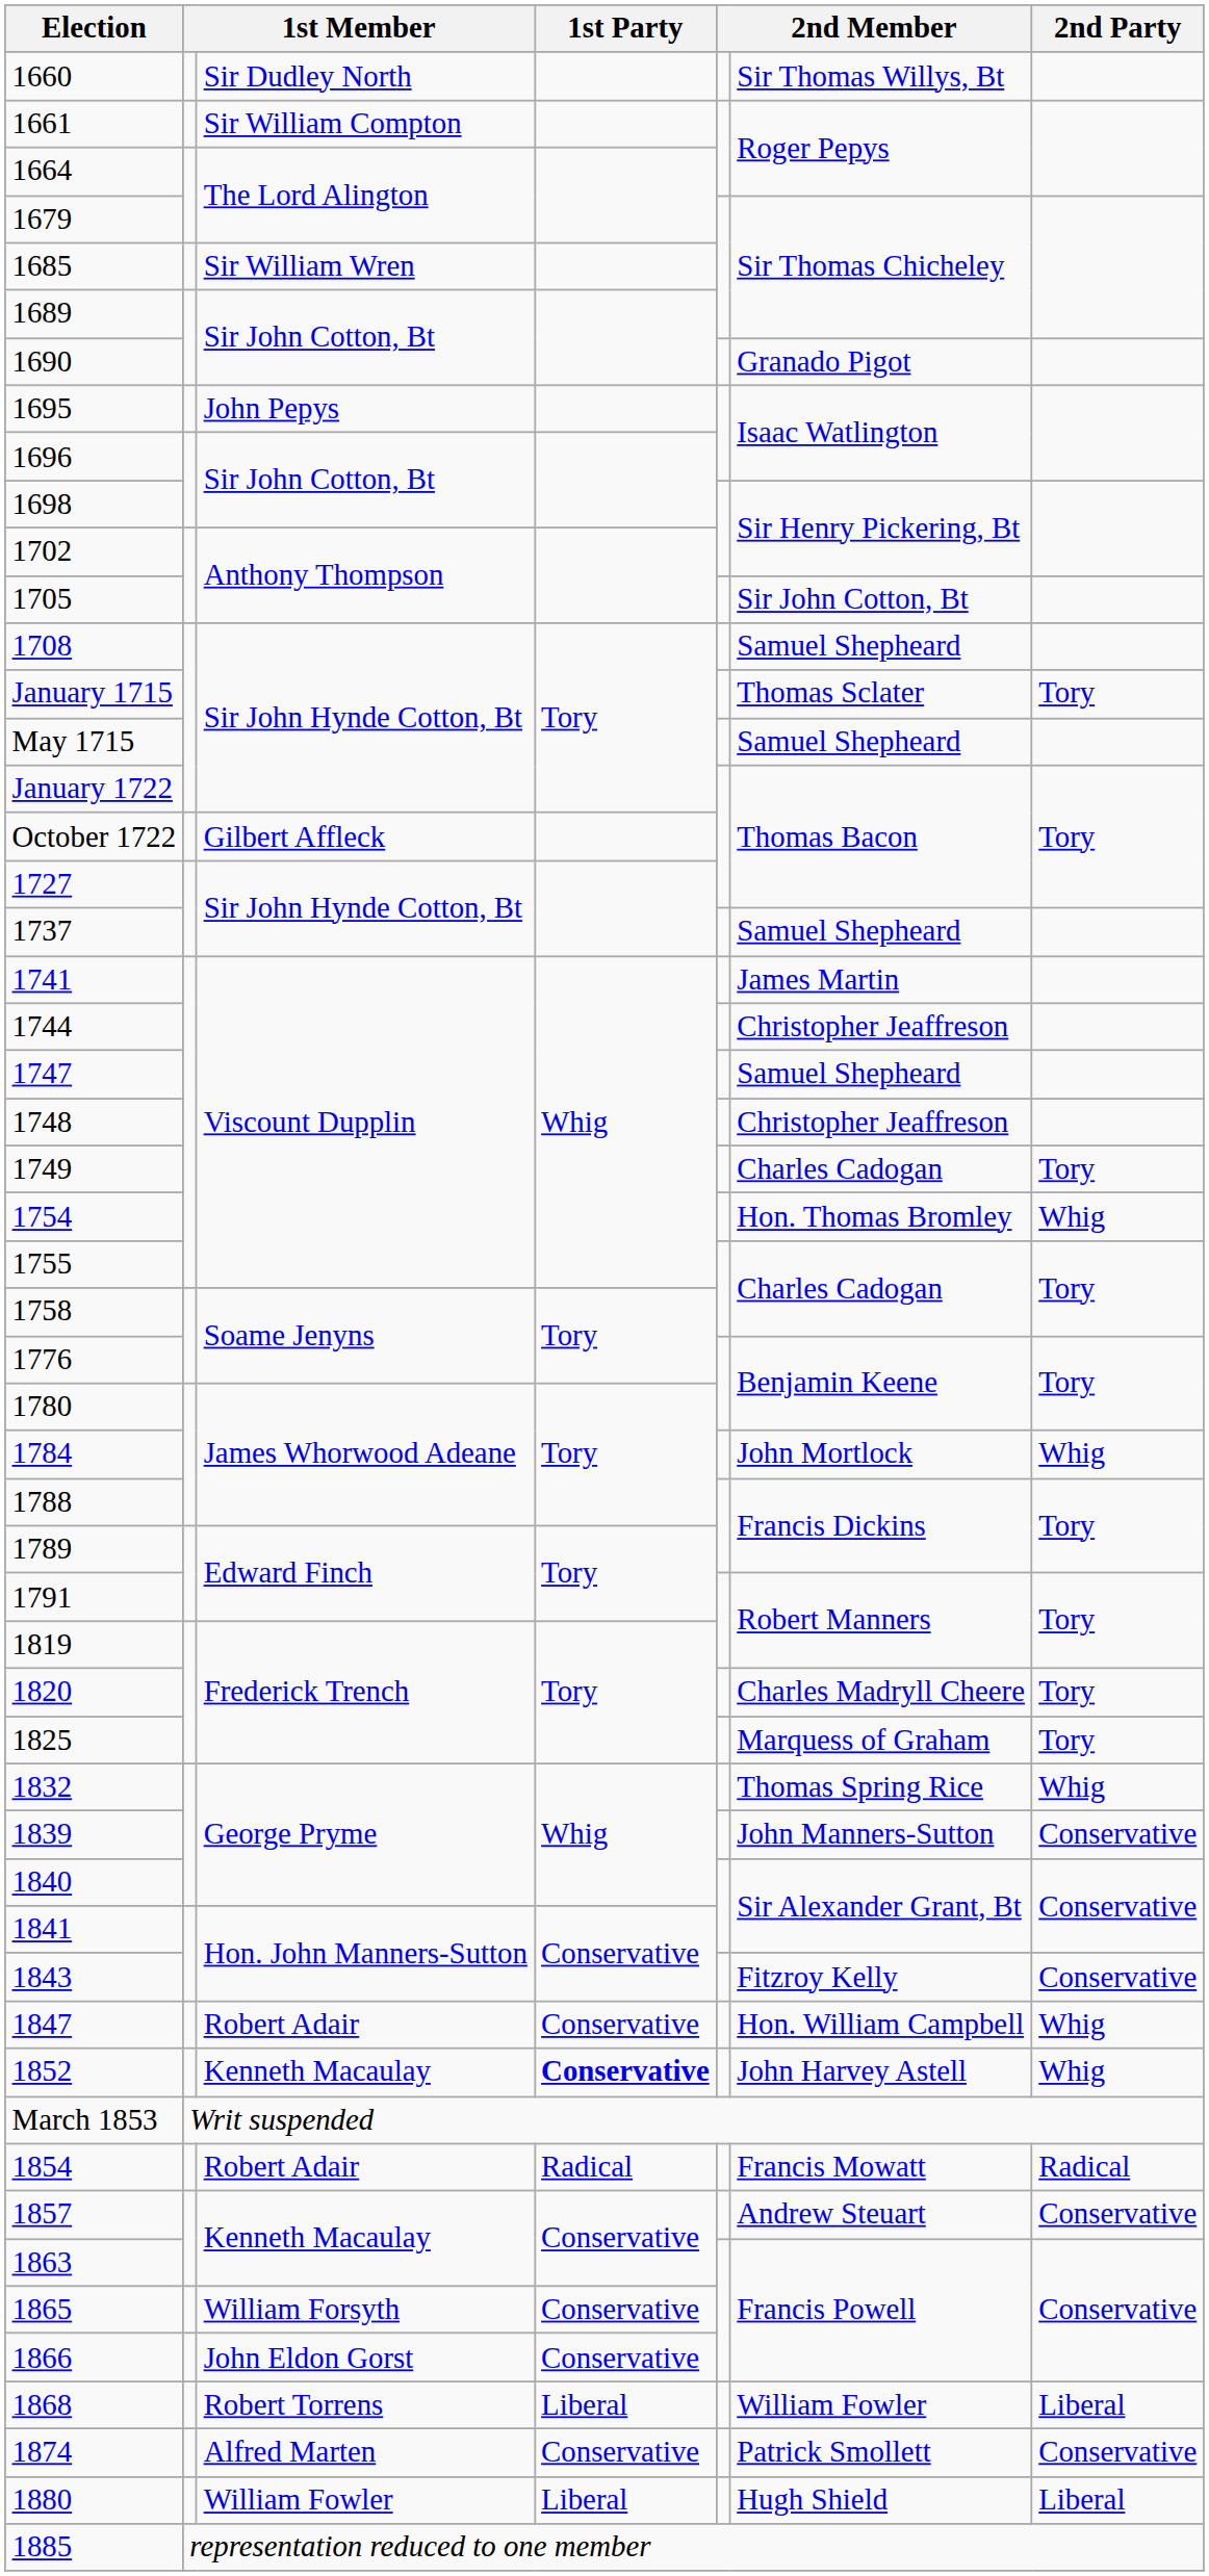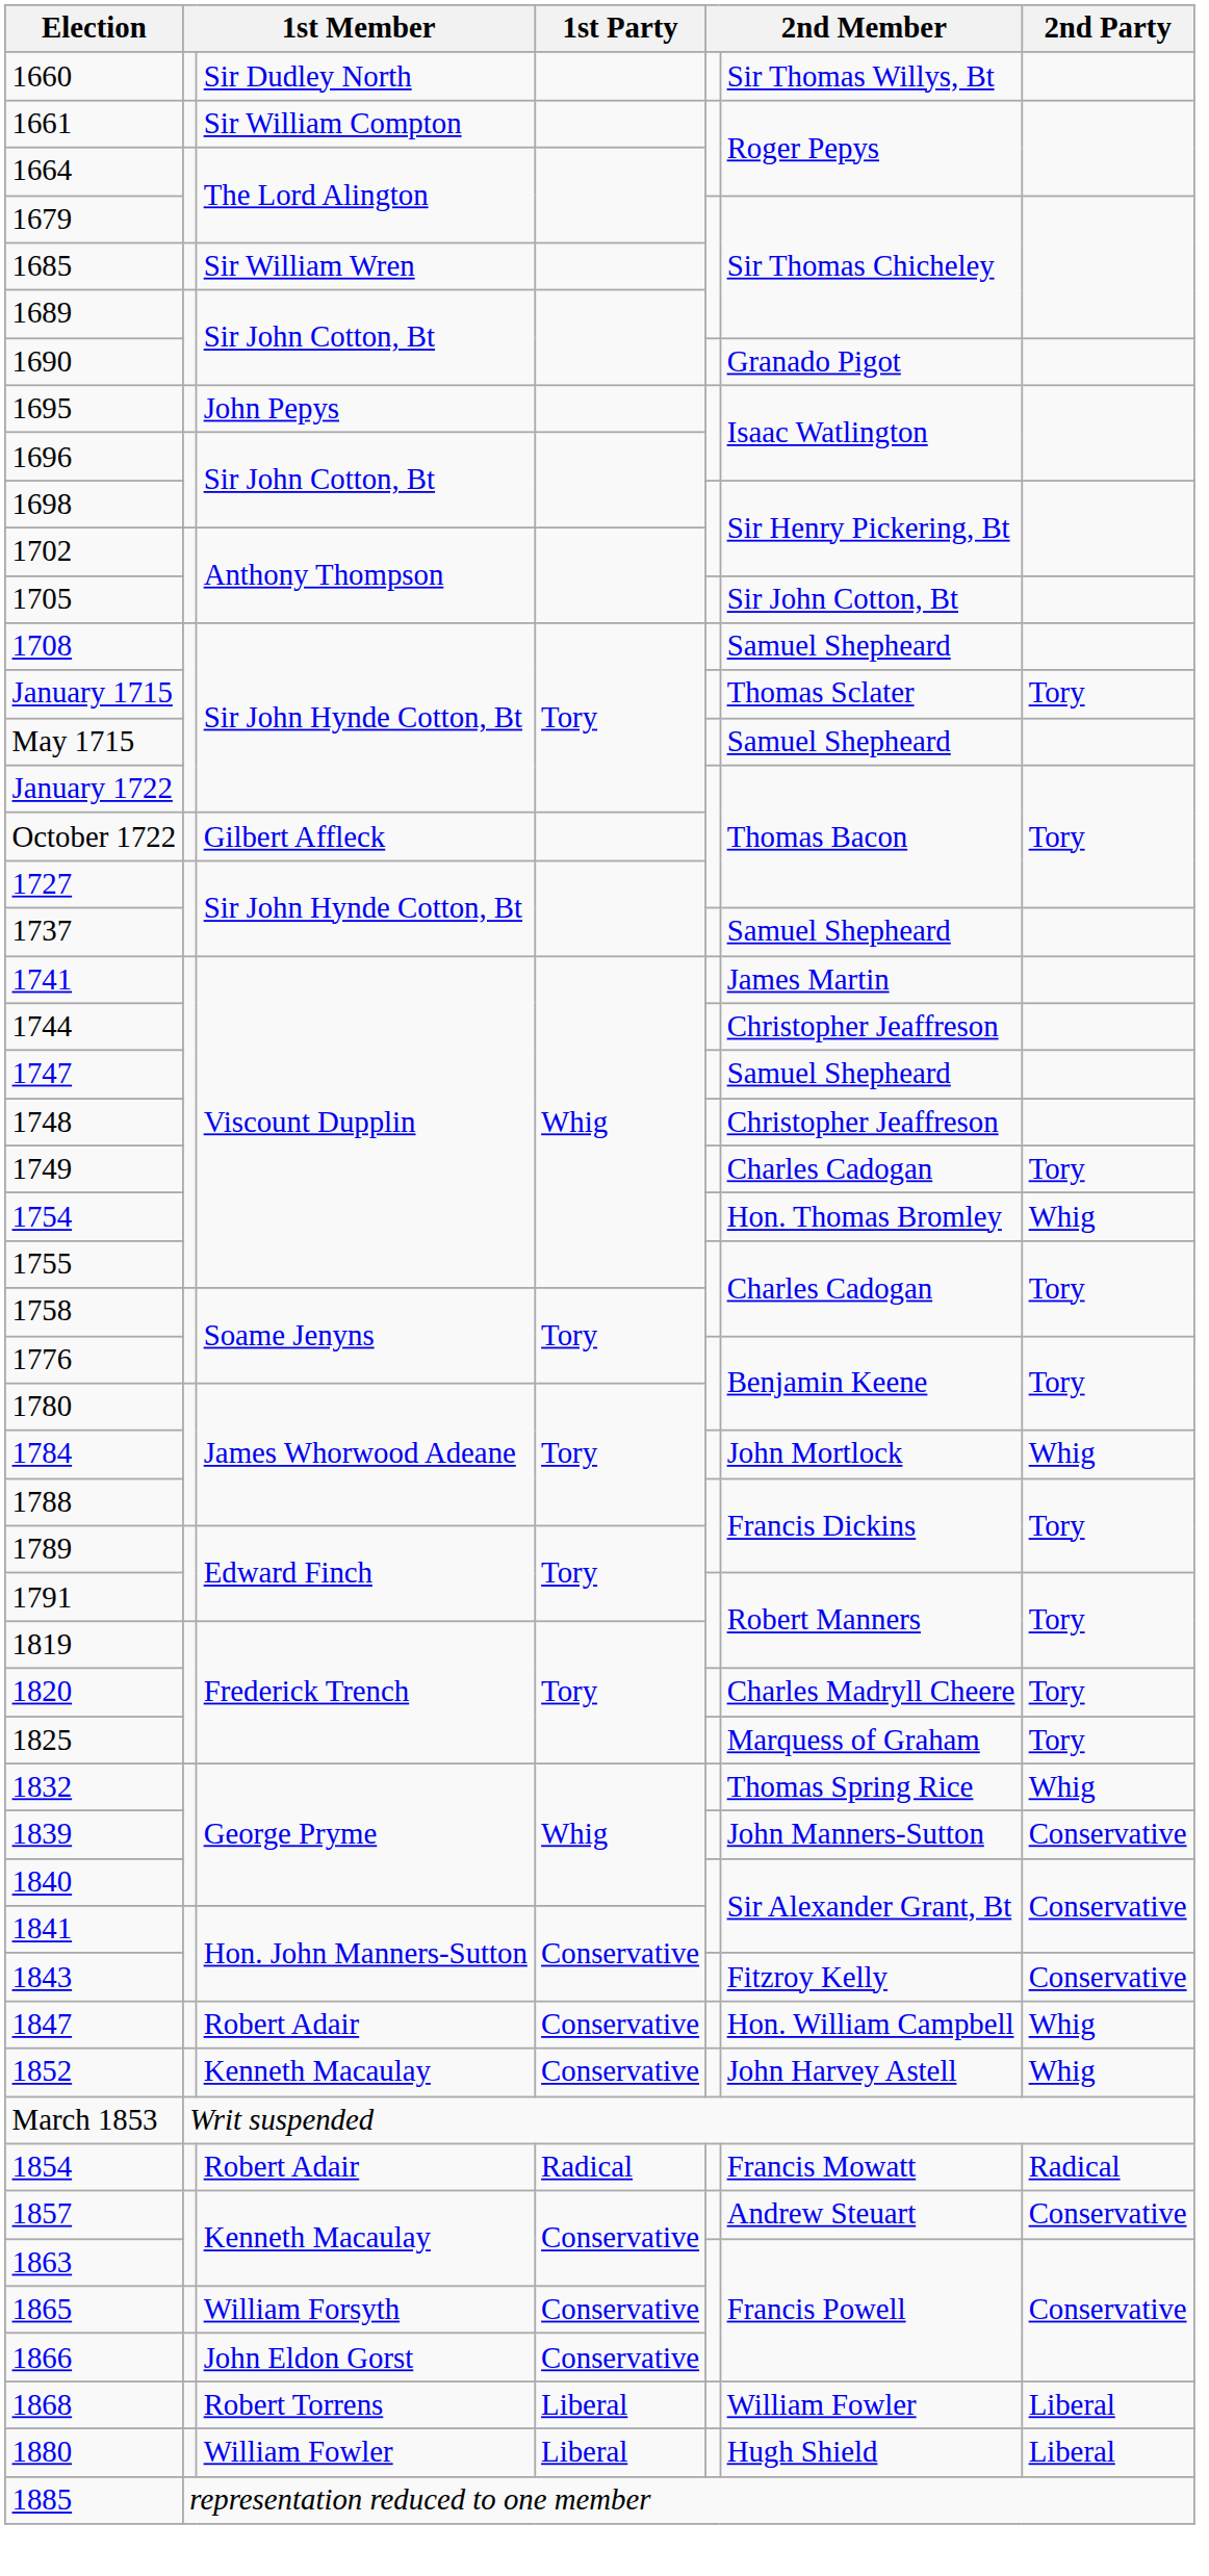 <table class="wikitable">
 <tr>
 <th>Election</th>
 <th colspan="2">1st Member</th>
 <th>1st Party</th>
 <th colspan="2">2nd Member</th>
 <th>2nd Party</th>
 </tr>
 <tr>
 <td>1660</td>
 <td></td>
 <td><a href='#'>Sir Dudley North</a></td>
 <td></td>
 <td></td>
 <td><a href='#'>Sir Thomas Willys, Bt</a></td>
 <td></td>
 </tr>
 <tr>
 <td>1661</td>
 <td></td>
 <td><a href='#'>Sir William Compton</a></td>
 <td></td>
 <td rowspan="2"></td>
 <td rowspan="2"><a href='#'>Roger Pepys</a></td>
 <td rowspan="2"></td>
 </tr>
 <tr>
 <td>1664</td>
 <td rowspan="2"></td>
 <td rowspan="2"><a href='#'>The Lord Alington</a></td>
 <td rowspan="2"></td>
 </tr>
 <tr>
 <td>1679</td>
 <td rowspan="3"></td>
 <td rowspan="3"><a href='#'>Sir Thomas Chicheley</a></td>
 <td rowspan="3"></td>
 </tr>
 <tr>
 <td>1685</td>
 <td></td>
 <td><a href='#'>Sir William Wren</a></td>
 <td></td>
 </tr>
 <tr>
 <td>1689</td>
 <td rowspan="2"></td>
 <td rowspan="2"><a href='#'>Sir John Cotton, Bt</a></td>
 <td rowspan="2"></td>
 </tr>
 <tr>
 <td>1690</td>
 <td></td>
 <td><a href='#'>Granado Pigot</a></td>
 <td></td>
 </tr>
 <tr>
 <td>1695</td>
 <td></td>
 <td><a href='#'>John Pepys</a></td>
 <td></td>
 <td rowspan="2"></td>
 <td rowspan="2"><a href='#'>Isaac Watlington</a></td>
 <td rowspan="2"></td>
 </tr>
 <tr>
 <td>1696</td>
 <td rowspan="2"></td>
 <td rowspan="2"><a href='#'>Sir John Cotton, Bt</a></td>
 <td rowspan="2"></td>
 </tr>
 <tr>
 <td>1698</td>
 <td rowspan="2"></td>
 <td rowspan="2"><a href='#'>Sir Henry Pickering, Bt</a></td>
 <td rowspan="2"></td>
 </tr>
 <tr>
 <td>1702</td>
 <td rowspan="2"></td>
 <td rowspan="2"><a href='#'>Anthony Thompson</a></td>
 <td rowspan="2"></td>
 </tr>
 <tr>
 <td>1705</td>
 <td></td>
 <td><a href='#'>Sir John Cotton, Bt</a></td>
 <td></td>
 </tr>
 <tr>
 <td><a href='#'>1708</a></td>
 <td rowspan="4" style="color:inherit;background-color: "></td>
 <td rowspan="4"><a href='#'>Sir John Hynde Cotton, Bt</a></td>
 <td rowspan="4"><a href='#'>Tory</a></td>
 <td></td>
 <td><a href='#'>Samuel Shepheard</a></td>
 <td></td>
 </tr>
 <tr>
 <td><a href='#'>January 1715</a></td>
 <td style="color:inherit;background-color: "></td>
 <td><a href='#'>Thomas Sclater</a></td>
 <td><a href='#'>Tory</a></td>
 </tr>
 <tr>
 <td>May 1715</td>
 <td></td>
 <td><a href='#'>Samuel Shepheard</a></td>
 <td></td>
 </tr>
 <tr>
 <td><a href='#'>January 1722</a></td>
 <td rowspan="3" style="color:inherit;background-color: "></td>
 <td rowspan="3"><a href='#'>Thomas Bacon</a></td>
 <td rowspan="3"><a href='#'>Tory</a></td>
 </tr>
 <tr>
 <td>October 1722</td>
 <td></td>
 <td><a href='#'>Gilbert Affleck</a></td>
 <td></td>
 </tr>
 <tr>
 <td><a href='#'>1727</a></td>
 <td rowspan="2"></td>
 <td rowspan="2"><a href='#'>Sir John Hynde Cotton, Bt</a></td>
 <td rowspan="2"></td>
 </tr>
 <tr>
 <td>1737</td>
 <td></td>
 <td><a href='#'>Samuel Shepheard</a></td>
 <td></td>
 </tr>
 <tr>
 <td><a href='#'>1741</a></td>
 <td rowspan="7" style="color:inherit;background-color: "></td>
 <td rowspan="7"><a href='#'>Viscount Dupplin</a></td>
 <td rowspan="7"><a href='#'>Whig</a></td>
 <td></td>
 <td><a href='#'>James Martin</a></td>
 <td></td>
 </tr>
 <tr>
 <td>1744</td>
 <td></td>
 <td><a href='#'>Christopher Jeaffreson</a></td>
 <td></td>
 </tr>
 <tr>
 <td><a href='#'>1747</a></td>
 <td></td>
 <td><a href='#'>Samuel Shepheard</a></td>
 <td></td>
 </tr>
 <tr>
 <td>1748</td>
 <td></td>
 <td><a href='#'>Christopher Jeaffreson</a></td>
 <td></td>
 </tr>
 <tr>
 <td>1749</td>
 <td style="color:inherit;background-color: "></td>
 <td><a href='#'>Charles Cadogan</a></td>
 <td><a href='#'>Tory</a></td>
 </tr>
 <tr>
 <td><a href='#'>1754</a></td>
 <td style="color:inherit;background-color: "></td>
 <td><a href='#'>Hon. Thomas Bromley</a></td>
 <td><a href='#'>Whig</a></td>
 </tr>
 <tr>
 <td>1755</td>
 <td rowspan="2" style="color:inherit;background-color: "></td>
 <td rowspan="2"><a href='#'>Charles Cadogan</a></td>
 <td rowspan="2"><a href='#'>Tory</a></td>
 </tr>
 <tr>
 <td>1758</td>
 <td rowspan="2" style="color:inherit;background-color: "></td>
 <td rowspan="2"><a href='#'>Soame Jenyns</a></td>
 <td rowspan="2"><a href='#'>Tory</a></td>
 </tr>
 <tr>
 <td>1776</td>
 <td rowspan="2" style="color:inherit;background-color: "></td>
 <td rowspan="2"><a href='#'>Benjamin Keene</a></td>
 <td rowspan="2"><a href='#'>Tory</a></td>
 </tr>
 <tr>
 <td>1780</td>
 <td rowspan="3" style="color:inherit;background-color: "></td>
 <td rowspan="3"><a href='#'>James Whorwood Adeane</a></td>
 <td rowspan="3"><a href='#'>Tory</a></td>
 </tr>
 <tr>
 <td><a href='#'>1784</a></td>
 <td style="color:inherit;background-color: "></td>
 <td><a href='#'>John Mortlock</a></td>
 <td><a href='#'>Whig</a></td>
 </tr>
 <tr>
 <td>1788</td>
 <td rowspan="2" style="color:inherit;background-color: "></td>
 <td rowspan="2"><a href='#'>Francis Dickins</a></td>
 <td rowspan="2"><a href='#'>Tory</a></td>
 </tr>
 <tr>
 <td>1789</td>
 <td rowspan="2" style="color:inherit;background-color: "></td>
 <td rowspan="2"><a href='#'>Edward Finch</a>  </td>
 <td rowspan="2"><a href='#'>Tory</a></td>
 </tr>
 <tr>
 <td>1791</td>
 <td rowspan="2" style="color:inherit;background-color: "></td>
 <td rowspan="2"><a href='#'>Robert Manners</a></td>
 <td rowspan="2"><a href='#'>Tory</a></td>
 </tr>
 <tr>
 <td>1819</td>
 <td rowspan="3" style="color:inherit;background-color: "></td>
 <td rowspan="3"><a href='#'>Frederick Trench</a></td>
 <td rowspan="3"><a href='#'>Tory</a></td>
 </tr>
 <tr>
 <td><a href='#'>1820</a></td>
 <td style="color:inherit;background-color: "></td>
 <td><a href='#'>Charles Madryll Cheere</a></td>
 <td><a href='#'>Tory</a></td>
 </tr>
 <tr>
 <td>1825</td>
 <td style="color:inherit;background-color: "></td>
 <td><a href='#'>Marquess of Graham</a></td>
 <td><a href='#'>Tory</a></td>
 </tr>
 <tr>
 <td><a href='#'>1832</a></td>
 <td rowspan="3" style="color:inherit;background-color: "></td>
 <td rowspan="3"><a href='#'>George Pryme</a></td>
 <td rowspan="3"><a href='#'>Whig</a></td>
 <td style="color:inherit;background-color: "></td>
 <td><a href='#'>Thomas Spring Rice</a></td>
 <td><a href='#'>Whig</a></td>
 </tr>
 <tr>
 <td><a href='#'>1839</a></td>
 <td style="color:inherit;background-color: "></td>
 <td><a href='#'>John Manners-Sutton</a></td>
 <td><a href='#'>Conservative</a></td>
 </tr>
 <tr>
 <td><a href='#'>1840</a></td>
 <td rowspan="2" style="color:inherit;background-color: "></td>
 <td rowspan="2"><a href='#'>Sir Alexander Grant, Bt</a></td>
 <td rowspan="2"><a href='#'>Conservative</a></td>
 </tr>
 <tr>
 <td><a href='#'>1841</a></td>
 <td rowspan="2" style="color:inherit;background-color: "></td>
 <td rowspan="2"><a href='#'>Hon. John Manners-Sutton</a></td>
 <td rowspan="2"><a href='#'>Conservative</a></td>
 </tr>
 <tr>
 <td><a href='#'>1843</a></td>
 <td style="color:inherit;background-color: "></td>
 <td><a href='#'>Fitzroy Kelly</a></td>
 <td><a href='#'>Conservative</a></td>
 </tr>
 <tr>
 <td><a href='#'>1847</a></td>
 <td style="color:inherit;background-color: "></td>
 <td><a href='#'>Robert Adair</a></td>
 <td><a href='#'>Conservative</a></td>
 <td style="color:inherit;background-color: "></td>
 <td><a href='#'>Hon. William Campbell</a></td>
 <td><a href='#'>Whig</a></td>
 </tr>
 <tr>
 <td><a href='#'>1852</a></td>
 <td style="color:inherit;background-color: "></td>
 <td><a href='#'>Kenneth Macaulay</a></td>
-<td><strong><a href='#'>Conservative</a></strong></td>
+<td><a href='#'>Conservative</a></td>
 <td style="color:inherit;background-color: "></td>
 <td><a href='#'>John Harvey Astell</a></td>
 <td><a href='#'>Whig</a></td>
 </tr>
 <tr>
 <td>March 1853</td>
 <td colspan="6"><em>Writ suspended</em></td>
 </tr>
 <tr>
 <td><a href='#'>1854</a></td>
 <td style="color:inherit;background-color: "></td>
 <td><a href='#'>Robert Adair</a></td>
 <td><a href='#'>Radical</a></td>
 <td style="color:inherit;background-color: "></td>
 <td><a href='#'>Francis Mowatt</a></td>
 <td><a href='#'>Radical</a></td>
 </tr>
 <tr>
 <td><a href='#'>1857</a></td>
 <td rowspan="2" style="color:inherit;background-color: "></td>
 <td rowspan="2"><a href='#'>Kenneth Macaulay</a></td>
 <td rowspan="2"><a href='#'>Conservative</a></td>
 <td style="color:inherit;background-color: "></td>
 <td><a href='#'>Andrew Steuart</a></td>
 <td><a href='#'>Conservative</a></td>
 </tr>
 <tr>
 <td><a href='#'>1863</a></td>
 <td rowspan="3" style="color:inherit;background-color: "></td>
 <td rowspan="3"><a href='#'>Francis Powell</a></td>
 <td rowspan="3"><a href='#'>Conservative</a></td>
 </tr>
 <tr>
 <td><a href='#'>1865</a></td>
 <td style="color:inherit;background-color: "></td>
 <td><a href='#'>William Forsyth</a></td>
 <td><a href='#'>Conservative</a></td>
 </tr>
 <tr>
 <td><a href='#'>1866</a></td>
 <td style="color:inherit;background-color: "></td>
 <td><a href='#'>John Eldon Gorst</a></td>
 <td><a href='#'>Conservative</a></td>
 </tr>
 <tr>
 <td><a href='#'>1868</a></td>
 <td style="color:inherit;background-color: "></td>
 <td><a href='#'>Robert Torrens</a></td>
 <td><a href='#'>Liberal</a></td>
 <td style="color:inherit;background-color: "></td>
 <td><a href='#'>William Fowler</a></td>
 <td><a href='#'>Liberal</a></td>
 </tr>
 <tr>
-<td><a href='#'>1874</a></td>
-<td style="color:inherit;background-color: "></td>
-<td><a href='#'>Alfred Marten</a></td>
-<td><a href='#'>Conservative</a></td>
-<td style="color:inherit;background-color: "></td>
-<td><a href='#'>Patrick Smollett</a></td>
-<td><a href='#'>Conservative</a></td>
-</tr>
-<tr>
 <td><a href='#'>1880</a></td>
 <td style="color:inherit;background-color: "></td>
 <td><a href='#'>William Fowler</a></td>
 <td><a href='#'>Liberal</a></td>
 <td style="color:inherit;background-color: "></td>
 <td><a href='#'>Hugh Shield</a></td>
 <td><a href='#'>Liberal</a></td>
 </tr>
 <tr>
 <td><a href='#'>1885</a></td>
 <td colspan="6"><em>representation reduced to one member</em></td>
 </tr>
 </table>
